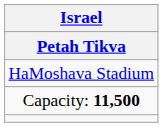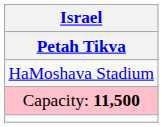 <table class="wikitable" style="text-align:center">
 <tr>
 <th> <a href='#'>Israel</a></th>
 </tr>
 <tr>
 <th> <a href='#'>Petah Tikva</a></th>
 </tr>
 <tr>
 <td><a href='#'>HaMoshava Stadium</a></td>
 </tr>
 <tr>
-<td>Capacity: <strong>11,500</strong></td>
+<td style="background: pink;">Capacity: <strong>11,500</strong></td>
 </tr>
 <tr>
 <td></td>
 </tr>
 </table>
